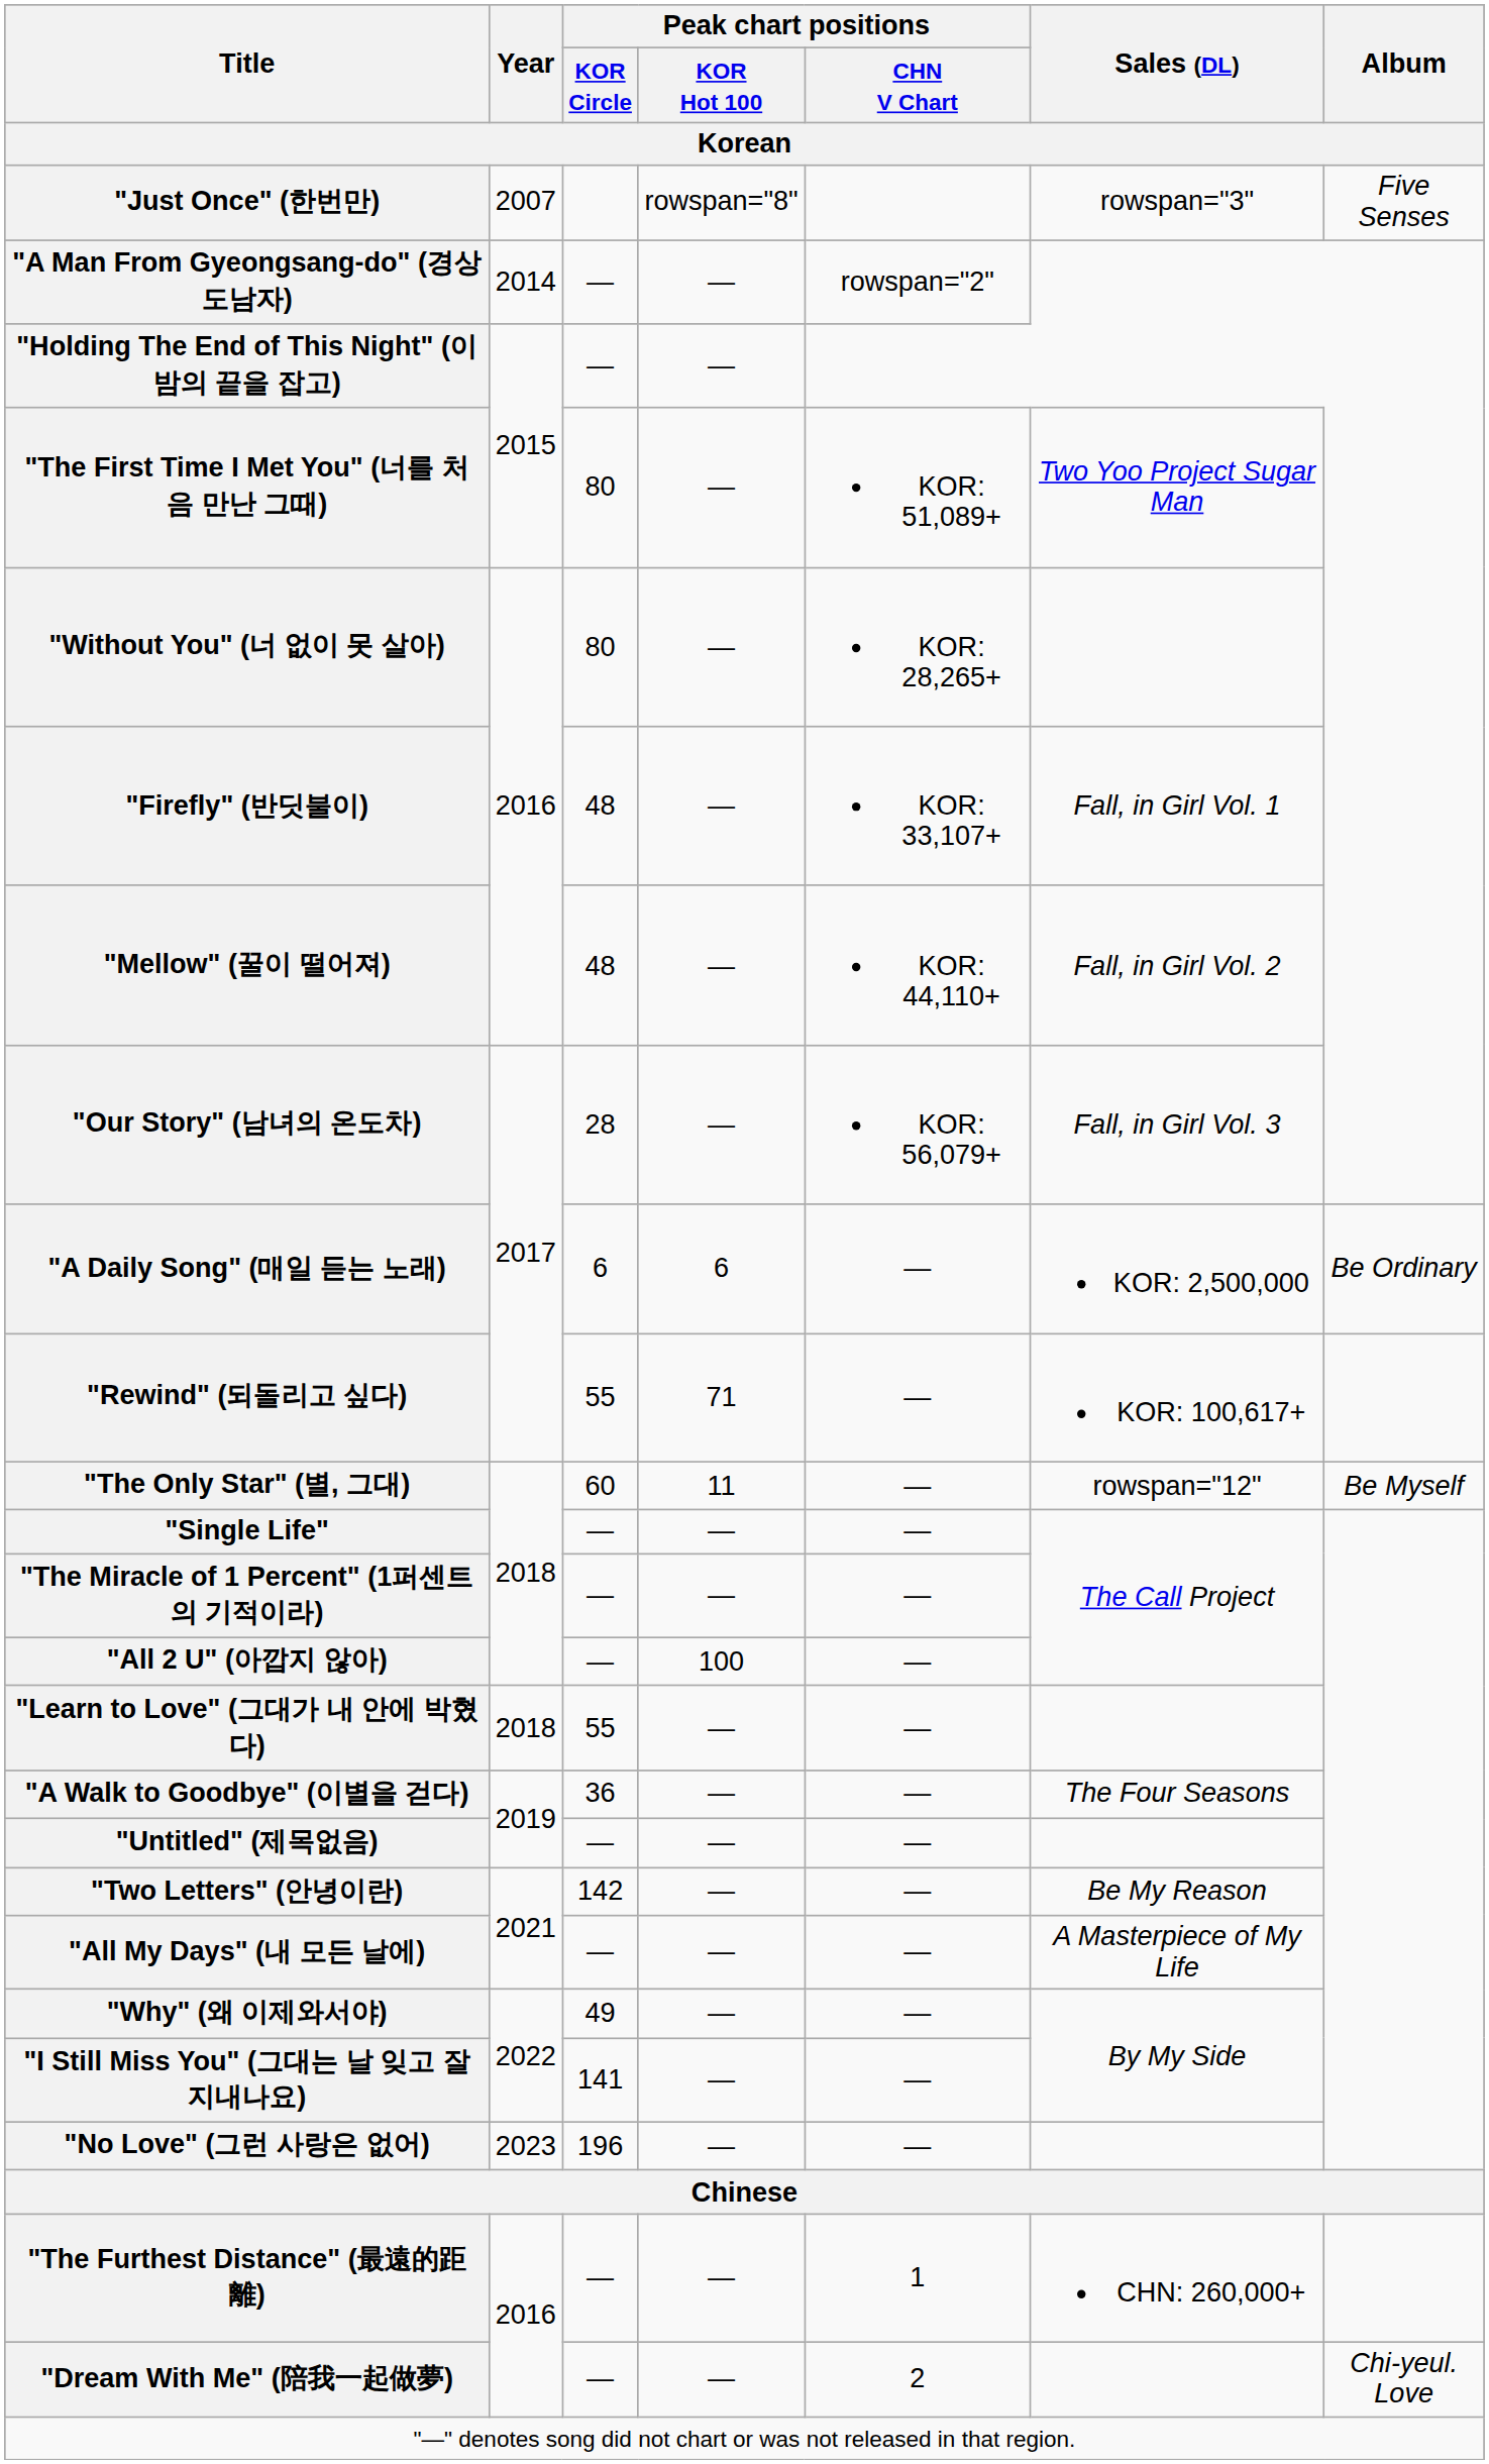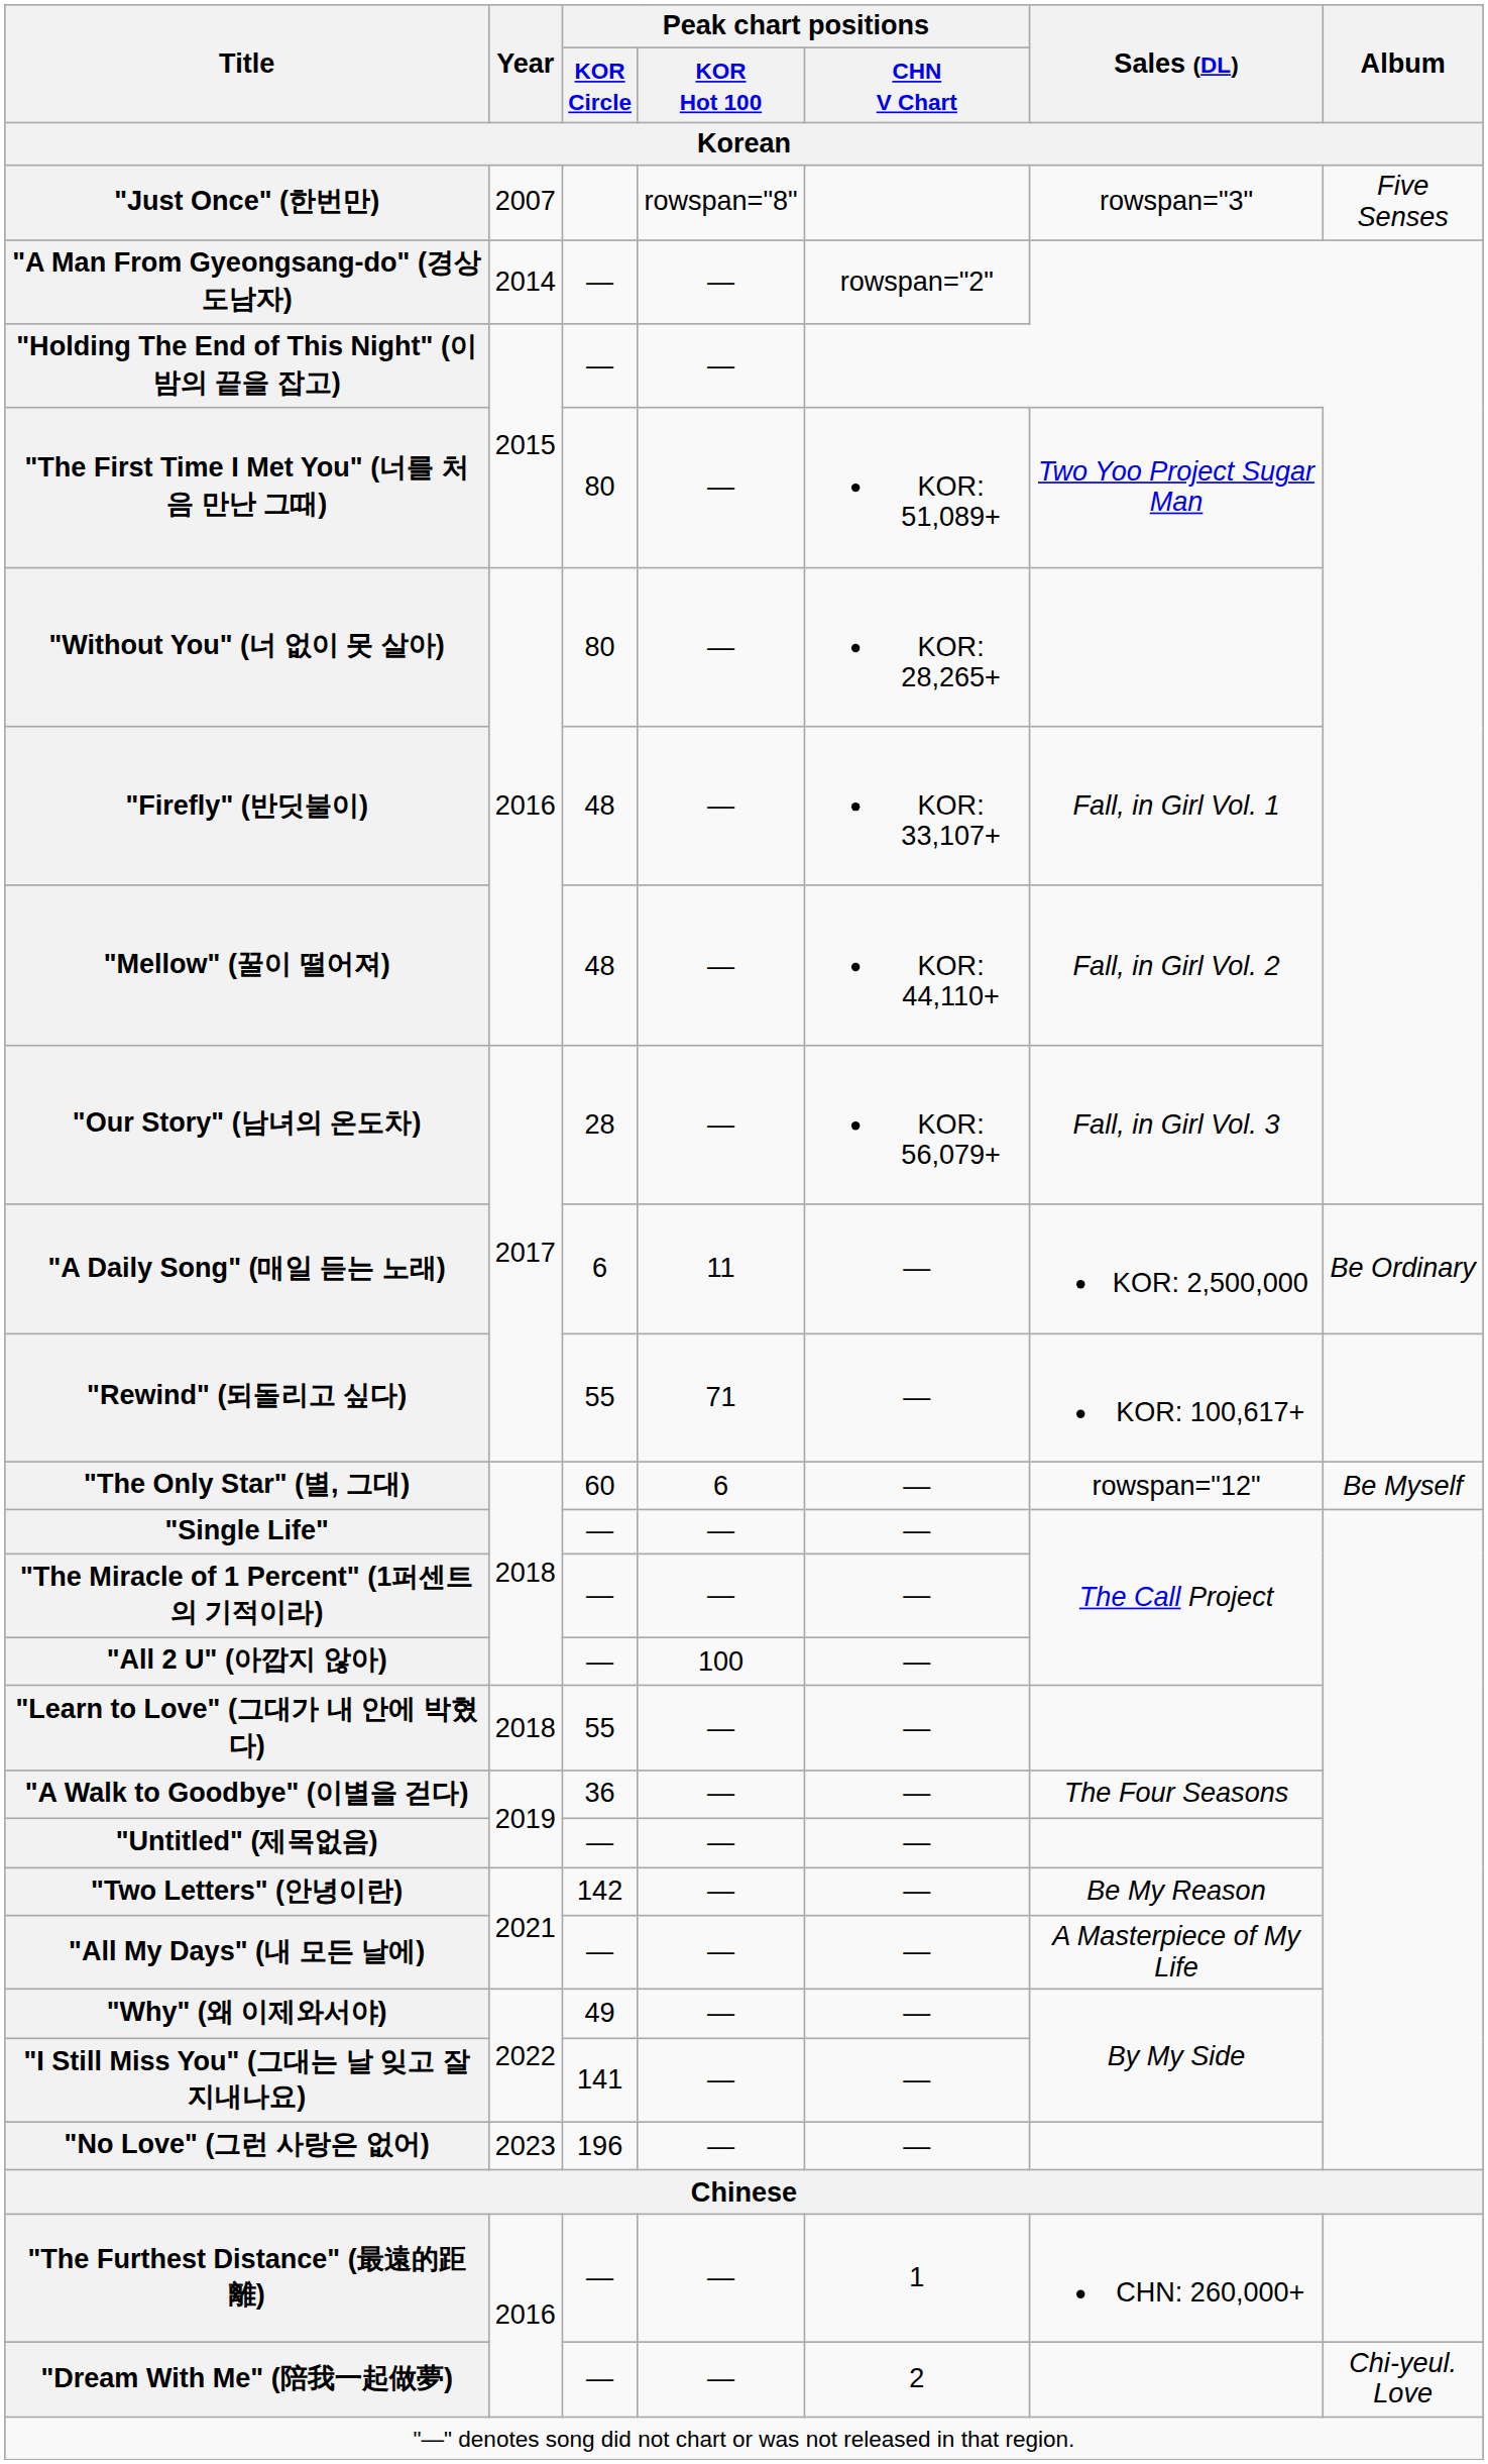 <table class="wikitable plainrowheaders" style="text-align:center;">
 <tr>
 <th scope="col" rowspan="2">Title</th>
 <th scope="col" rowspan="2">Year</th>
 <th scope="col" colspan="3" style="width:5em;">Peak chart positions</th>
 <th scope="col" rowspan="2">Sales <small>(<a href='#'>DL</a>)</small></th>
 <th scope="col" rowspan="2">Album</th>
 </tr>
 <tr>
 <th><small><a href='#'>KOR<br>Circle</a></small><br></th>
 <th><small><a href='#'>KOR<br>Hot 100</a></small><br></th>
 <th><small><a href='#'>CHN<br>V Chart</a></small><br></th>
 </tr>
 <tr>
 <th colspan="7">Korean</th>
 </tr>
 <tr>
 <th scope="row">"Just Once" (한번만)</th>
 <td>2007</td>
 <td></td>
 <td>rowspan="8" </td>
 <td></td>
 <td>rowspan="3" </td>
 <td><em>Five Senses</em></td>
 </tr>
 <tr>
 <th scope="row">"A Man From Gyeongsang-do" (경상도남자)</th>
 <td>2014</td>
 <td>—</td>
 <td>—</td>
 <td>rowspan="2" </td>
 </tr>
 <tr>
 <th scope="row">"Holding The End of This Night" (이 밤의 끝을 잡고)<br></th>
 <td rowspan="2">2015</td>
 <td>—</td>
 <td>—</td>
 </tr>
 <tr>
 <th scope="row">"The First Time I Met You" (너를 처음 만난 그때)<br></th>
 <td>80</td>
 <td>—</td>
 <td><br><ul><li>KOR: 51,089+</li></ul></td>
 <td><em><a href='#'>Two Yoo Project Sugar Man</a></em></td>
 </tr>
 <tr>
 <th scope="row">"Without You" (너 없이 못 살아)</th>
 <td rowspan="3">2016</td>
 <td>80</td>
 <td>—</td>
 <td><br><ul><li>KOR: 28,265+</li></ul></td>
 <td></td>
 </tr>
 <tr>
 <th scope="row">"Firefly" (반딧불이)<br></th>
 <td>48</td>
 <td>—</td>
 <td><br><ul><li>KOR: 33,107+</li></ul></td>
 <td><em>Fall, in Girl Vol. 1</em></td>
 </tr>
 <tr>
 <th scope="row">"Mellow" (꿀이 떨어져)<br></th>
 <td>48</td>
 <td>—</td>
 <td><br><ul><li>KOR: 44,110+</li></ul></td>
 <td><em>Fall, in Girl Vol. 2</em></td>
 </tr>
 <tr>
 <th scope="row">"Our Story" (남녀의 온도차)<br></th>
 <td rowspan="3">2017</td>
 <td>28</td>
 <td>—</td>
 <td><br><ul><li>KOR: 56,079+</li></ul></td>
 <td><em>Fall, in Girl Vol. 3</em></td>
 </tr>
 <tr>
 <th scope="row">"A Daily Song" (매일 듣는 노래)</th>
 <td>6</td>
-<td>6</td>
+<td>11</td>
 <td>—</td>
 <td><br><ul><li>KOR: 2,500,000</li></ul></td>
 <td><em>Be Ordinary</em></td>
 </tr>
 <tr>
 <th scope="row">"Rewind" (되돌리고 싶다)</th>
 <td>55</td>
 <td>71</td>
 <td>—</td>
 <td><br><ul><li>KOR: 100,617+</li></ul></td>
 <td></td>
 </tr>
 <tr>
 <th scope="row">"The Only Star" (별, 그대)</th>
 <td rowspan="4">2018</td>
 <td>60</td>
-<td>11</td>
+<td>6</td>
 <td>—</td>
 <td>rowspan="12" </td>
 <td><em>Be Myself</em></td>
 </tr>
 <tr>
 <th scope="row">"Single Life"<br></th>
 <td>—</td>
 <td>—</td>
 <td>—</td>
 <td rowspan="3"><em><a href='#'>The Call</a> Project</em></td>
 </tr>
 <tr>
 <th scope="row">"The Miracle of 1 Percent" (1퍼센트의 기적이라)<br></th>
 <td>—</td>
 <td>—</td>
 <td>—</td>
 </tr>
 <tr>
 <th scope="row">"All 2 U" (아깝지 않아)<br></th>
 <td>—</td>
 <td>100</td>
 <td>—</td>
 </tr>
 <tr>
 <th scope="row">"Learn to Love" (그대가 내 안에 박혔다)</th>
 <td>2018</td>
 <td>55</td>
 <td>—</td>
 <td>—</td>
 <td></td>
 </tr>
 <tr>
 <th scope="row">"A Walk to Goodbye" (이별을 걷다)</th>
 <td rowspan="2">2019</td>
 <td>36</td>
 <td>—</td>
 <td>—</td>
 <td><em>The Four Seasons</em></td>
 </tr>
 <tr>
 <th scope="row">"Untitled" (제목없음)</th>
 <td>—</td>
 <td>—</td>
 <td>—</td>
 <td></td>
 </tr>
 <tr>
 <th scope="row">"Two Letters" (안녕이란)</th>
 <td rowspan="2">2021</td>
 <td>142</td>
 <td>—</td>
 <td>—</td>
 <td><em>Be My Reason</em></td>
 </tr>
 <tr>
 <th scope="row">"All My Days" (내 모든 날에)</th>
 <td>—</td>
 <td>—</td>
 <td>—</td>
 <td><em>A Masterpiece of My Life</em></td>
 </tr>
 <tr>
 <th scope="row">"Why" (왜 이제와서야)</th>
 <td rowspan="2">2022</td>
 <td>49</td>
 <td>—</td>
 <td>—</td>
 <td rowspan="2"><em>By My Side</em></td>
 </tr>
 <tr>
 <th scope="row">"I Still Miss You" (그대는 날 잊고 잘 지내나요)</th>
 <td>141</td>
 <td>—</td>
 <td>—</td>
 </tr>
 <tr>
 <th scope="row">"No Love" (그런 사랑은 없어)</th>
 <td>2023</td>
 <td>196</td>
 <td>—</td>
 <td>—</td>
 <td></td>
 </tr>
 <tr>
 <th colspan="7">Chinese</th>
 </tr>
 <tr>
 <th scope="row">"The Furthest Distance" (最遠的距離)</th>
 <td rowspan="2">2016</td>
 <td>—</td>
 <td>—</td>
 <td>1</td>
 <td><br><ul><li>CHN: 260,000+</li></ul></td>
 <td></td>
 </tr>
 <tr>
 <th scope="row">"Dream With Me" (陪我一起做夢)</th>
 <td>—</td>
 <td>—</td>
 <td>2</td>
 <td></td>
 <td><em>Chi-yeul. Love</em></td>
 </tr>
 <tr>
 <td colspan="7"><small>"—" denotes song did not chart or was not released in that region.</small></td>
 </tr>
 </table>
